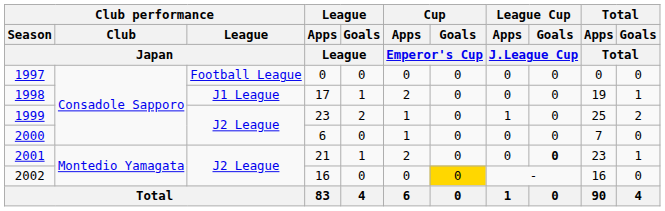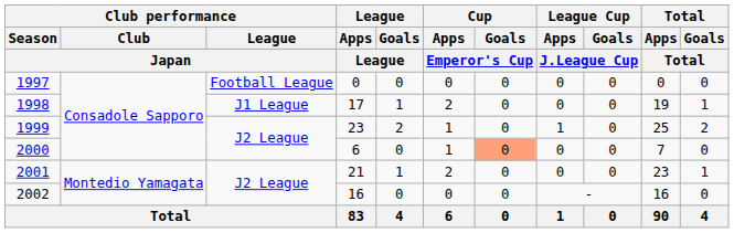 <table class="wikitable" style="text-align:center;">
 <tr>
 <th colspan=3>Club performance</th>
 <th colspan=2>League</th>
 <th colspan=2>Cup</th>
 <th colspan=2>League Cup</th>
 <th colspan=2>Total</th>
 </tr>
 <tr>
 <th>Season</th>
 <th>Club</th>
 <th>League</th>
 <th>Apps</th>
 <th>Goals</th>
 <th>Apps</th>
 <th>Goals</th>
 <th>Apps</th>
 <th>Goals</th>
 <th>Apps</th>
 <th>Goals</th>
 </tr>
 <tr>
 <th colspan=3>Japan</th>
 <th colspan=2>League</th>
 <th colspan=2><a href='#'>Emperor's Cup</a></th>
 <th colspan=2><a href='#'>J.League Cup</a></th>
 <th colspan=2>Total</th>
 </tr>
 <tr>
 <td><a href='#'>1997</a></td>
 <td rowspan="4"><a href='#'>Consadole Sapporo</a></td>
 <td><a href='#'>Football League</a></td>
 <td>0</td>
 <td>0</td>
 <td>0</td>
 <td>0</td>
 <td>0</td>
 <td>0</td>
 <td>0</td>
 <td>0</td>
 </tr>
 <tr>
 <td><a href='#'>1998</a></td>
 <td><a href='#'>J1 League</a></td>
 <td>17</td>
 <td>1</td>
 <td>2</td>
 <td>0</td>
 <td>0</td>
 <td>0</td>
 <td>19</td>
 <td>1</td>
 </tr>
 <tr>
 <td><a href='#'>1999</a></td>
 <td rowspan="2"><a href='#'>J2 League</a></td>
 <td>23</td>
 <td>2</td>
 <td>1</td>
 <td>0</td>
 <td>1</td>
 <td>0</td>
 <td>25</td>
 <td>2</td>
 </tr>
 <tr>
 <td><a href='#'>2000</a></td>
 <td>6</td>
 <td>0</td>
 <td>1</td>
-<td>0</td>
+<td style="background: lightsalmon;">0</td>
 <td>0</td>
 <td>0</td>
 <td>7</td>
 <td>0</td>
 </tr>
 <tr>
 <td><a href='#'>2001</a></td>
 <td rowspan="2"><a href='#'>Montedio Yamagata</a></td>
 <td rowspan="2"><a href='#'>J2 League</a></td>
 <td>21</td>
 <td>1</td>
 <td>2</td>
 <td>0</td>
 <td>0</td>
-<td><strong>0</strong></td>
+<td>0</td>
 <td>23</td>
 <td>1</td>
 </tr>
 <tr>
 <td>2002</td>
 <td>16</td>
 <td>0</td>
 <td>0</td>
-<td style="background: gold;">0</td>
+<td>0</td>
 <td colspan="2">-</td>
 <td>16</td>
 <td>0</td>
 </tr>
 <tr>
 <th colspan=3>Total</th>
 <th>83</th>
 <th>4</th>
 <th>6</th>
 <th>0</th>
 <th>1</th>
 <th>0</th>
 <th>90</th>
 <th>4</th>
 </tr>
 </table>
